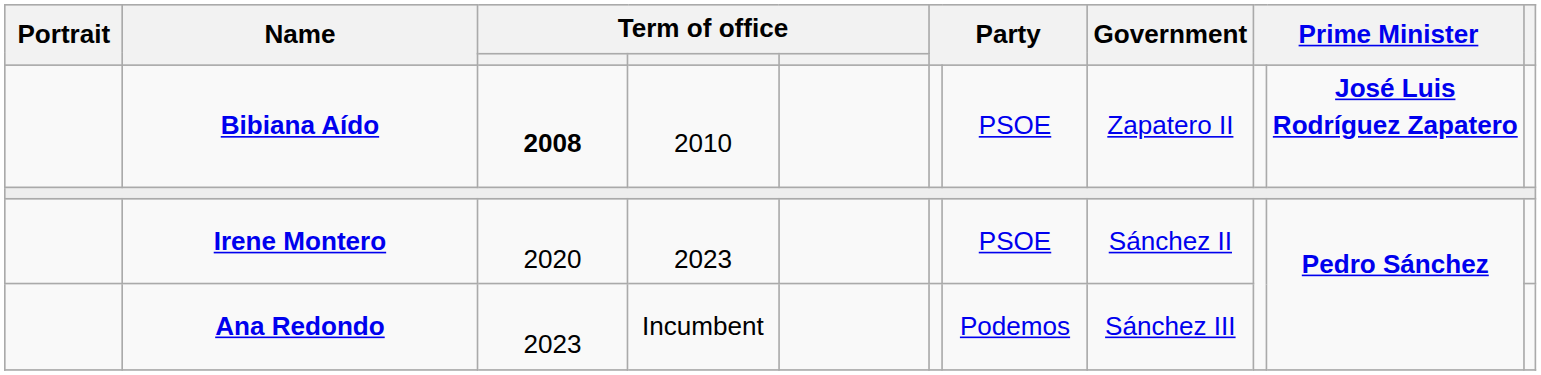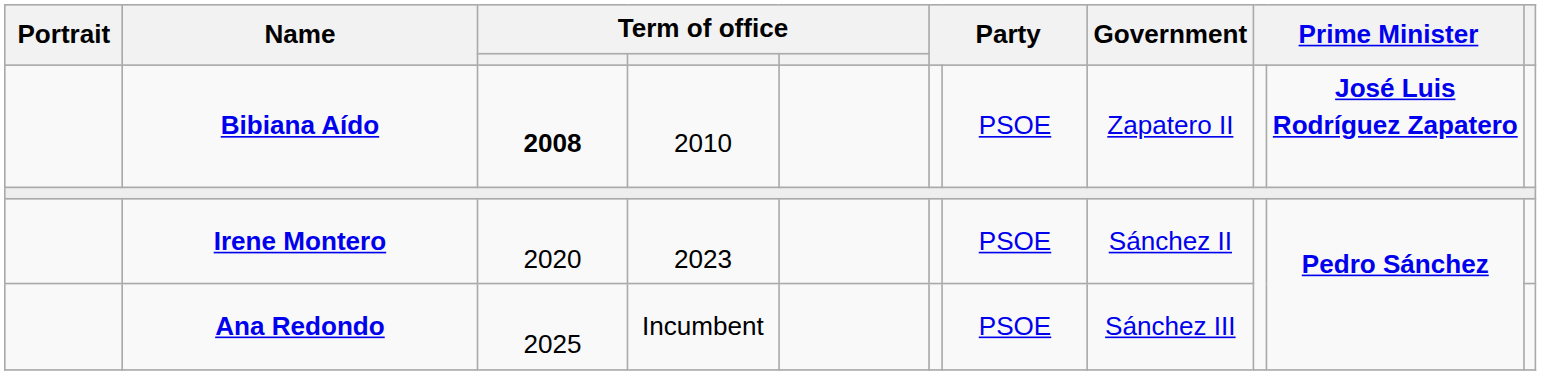 <table class="wikitable" style="line-height:1.4em; text-align:center; border:1px #aaf solid;">
 <tr>
 <th rowspan="2" width="65">Portrait</th>
 <th rowspan="2" width="210">Name<br></th>
 <th colspan="3">Term of office</th>
 <th rowspan="2" colspan="2" width="90">Party</th>
 <th rowspan="2">Government</th>
 <th rowspan="2" colspan="2"><a href='#'>Prime Minister</a><br></th>
 <th rowspan="2"></th>
 </tr>
 <tr>
 <th width="85"></th>
 <th width="85"></th>
 <th width="85"></th>
 </tr>
 <tr>
 <td></td>
 <td><strong><a href='#'>Bibiana Aído</a></strong><br></td>
 <td class="nowrap"><strong><br>2008</strong></td>
 <td class="nowrap"><br>2010</td>
 <td style="font-size:95%;"></td>
 <td width="1" style="color:inherit;background:"></td>
 <td><a href='#'>PSOE</a></td>
 <td><a href='#'>Zapatero II</a></td>
 <td width="1" style="color:inherit;background:"></td>
 <td><strong><a href='#'>José Luis<br>Rodríguez Zapatero</a></strong><br><br></td>
 <td align="center"><br></td>
 </tr>
 <tr>
 <td colspan="11" style="background:#EEEEEE;"></td>
 </tr>
 <tr>
 <td></td>
 <td><strong><a href='#'>Irene Montero</a></strong><br></td>
 <td class="nowrap"><br>2020</td>
 <td class="nowrap"><br>2023</td>
 <td style="font-size:95%;"></td>
 <td style="color:inherit;background:"></td>
 <td><a href='#'>PSOE</a></td>
 <td><a href='#'>Sánchez II</a></td>
 <td rowspan="2" style="color:inherit;background:"></td>
 <td rowspan="2"><strong><a href='#'>Pedro Sánchez</a></strong><br><br></td>
 <td align="center"><br></td>
 </tr>
 <tr>
 <td></td>
 <td><strong><a href='#'>Ana Redondo</a></strong><br></td>
-<td class="nowrap"><br>2023</td>
+<td class="nowrap"><br>2025</td>
 <td class="nowrap">Incumbent</td>
 <td style="font-size:95%;"></td>
 <td style="color:inherit;background:"></td>
-<td><a href='#'>Podemos</a></td>
+<td><a href='#'>PSOE</a></td>
 <td><a href='#'>Sánchez III</a></td>
 <td align="center"></td>
 </tr>
 </table>
